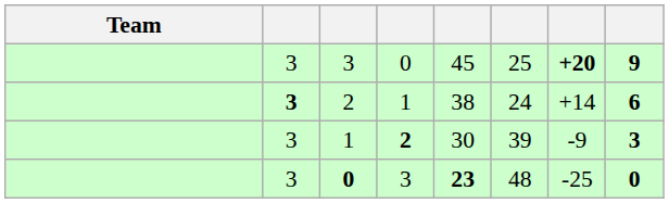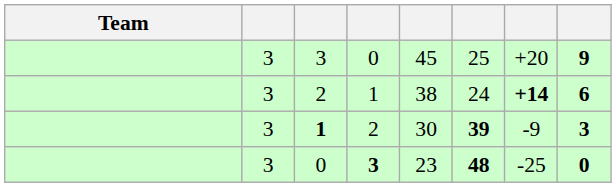 <table class="wikitable" style="text-align:center;font-size:95%">
 <tr>
 <th width=160>Team</th>
 <th width=30></th>
 <th width=30></th>
 <th width=30></th>
 <th width=30></th>
 <th width=30></th>
 <th width=30></th>
 <th width=30></th>
 </tr>
 <tr bgcolor=ccffcc>
 <td align="left"></td>
 <td>3</td>
 <td>3</td>
 <td>0</td>
 <td>45</td>
 <td>25</td>
-<td><strong>+20</strong></td>
+<td>+20</td>
 <td><strong>9</strong></td>
 </tr>
 <tr bgcolor=ccffcc>
 <td align="left"></td>
-<td><strong>3</strong></td>
+<td>3</td>
 <td>2</td>
 <td>1</td>
 <td>38</td>
 <td>24</td>
-<td>+14</td>
+<td><strong>+14</strong></td>
 <td><strong>6</strong></td>
 </tr>
 <tr bgcolor=ccffcc>
 <td align="left"></td>
 <td>3</td>
-<td>1</td>
-<td><strong>2</strong></td>
+<td><strong>1</strong></td>
+<td>2</td>
 <td>30</td>
-<td>39</td>
+<td><strong>39</strong></td>
 <td>-9</td>
 <td><strong>3</strong></td>
 </tr>
 <tr bgcolor=ccffcc>
 <td align="left"></td>
 <td>3</td>
-<td><strong>0</strong></td>
-<td>3</td>
-<td><strong>23</strong></td>
-<td>48</td>
+<td>0</td>
+<td><strong>3</strong></td>
+<td>23</td>
+<td><strong>48</strong></td>
 <td>-25</td>
 <td><strong>0</strong></td>
 </tr>
 </table>
